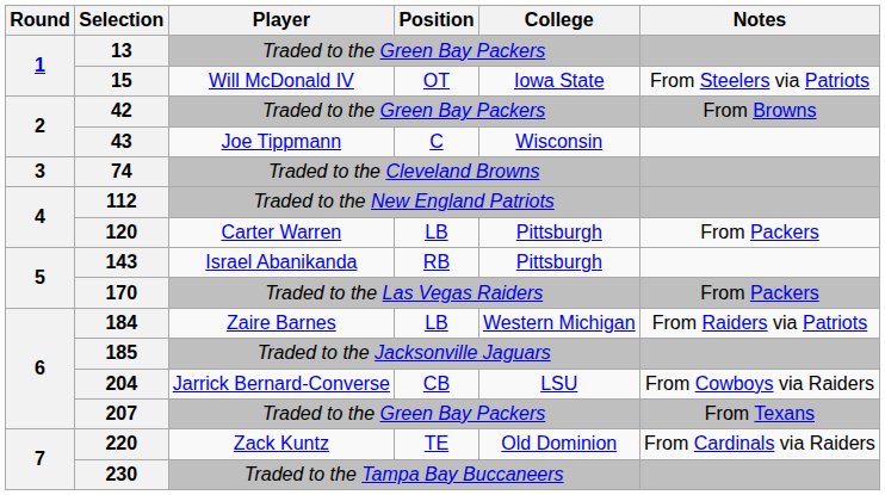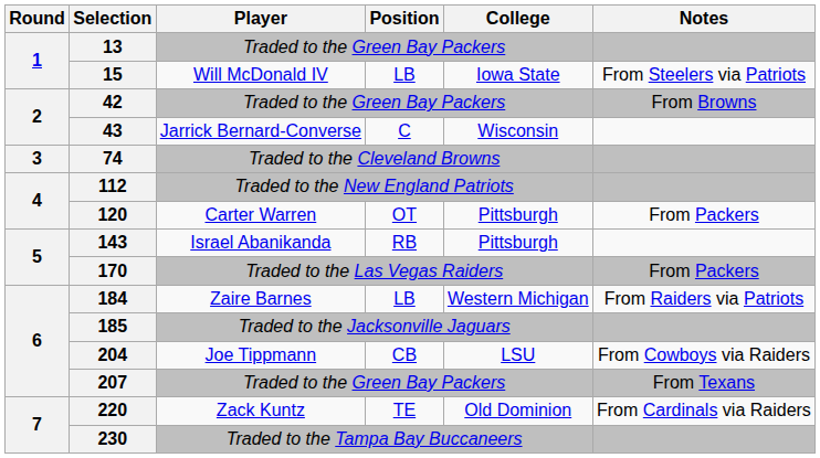 <table class="wikitable" style="text-align:center">
 <tr>
 <th>Round</th>
 <th>Selection</th>
 <th>Player</th>
 <th>Position</th>
 <th>College</th>
 <th>Notes</th>
 </tr>
 <tr>
 <th rowspan="2"><a href='#'>1</a></th>
 <th>13</th>
 <td colspan="3" style="background:#BFBFBF"><em>Traded to the <a href='#'>Green Bay Packers</a></em></td>
 <td style="background:#BFBFBF"></td>
 </tr>
 <tr>
 <th>15</th>
 <td><a href='#'>Will McDonald IV</a></td>
-<td><a href='#'>OT</a></td>
+<td><a href='#'>LB</a></td>
 <td><a href='#'>Iowa State</a></td>
 <td>From <a href='#'>Steelers</a> via <a href='#'>Patriots</a></td>
 </tr>
 <tr>
 <th rowspan="2">2</th>
 <th>42</th>
 <td colspan="3" style="background:#BFBFBF"><em>Traded to the <a href='#'>Green Bay Packers</a></em></td>
 <td style="background:#BFBFBF">From <a href='#'>Browns</a></td>
 </tr>
 <tr>
 <th>43</th>
-<td><a href='#'>Joe Tippmann</a></td>
+<td><a href='#'>Jarrick Bernard-Converse</a></td>
 <td><a href='#'>C</a></td>
 <td><a href='#'>Wisconsin</a></td>
 <td></td>
 </tr>
 <tr>
 <th>3</th>
 <th>74</th>
 <td colspan="3" style="background:#BFBFBF"><em>Traded to the <a href='#'>Cleveland Browns</a></em></td>
 <td style="background:#BFBFBF"></td>
 </tr>
 <tr>
 <th rowspan="2">4</th>
 <th>112</th>
 <td colspan="3" style="background:#BFBFBF"><em>Traded to the <a href='#'>New England Patriots</a></em></td>
 <td style="background:#BFBFBF"></td>
 </tr>
 <tr>
 <th>120</th>
 <td><a href='#'>Carter Warren</a></td>
-<td><a href='#'>LB</a></td>
+<td><a href='#'>OT</a></td>
 <td><a href='#'>Pittsburgh</a></td>
 <td>From <a href='#'>Packers</a></td>
 </tr>
 <tr>
 <th rowspan="2">5</th>
 <th>143</th>
 <td><a href='#'>Israel Abanikanda</a></td>
 <td><a href='#'>RB</a></td>
 <td><a href='#'>Pittsburgh</a></td>
 <td></td>
 </tr>
 <tr>
 <th>170</th>
 <td colspan="3" style="background:#BFBFBF"><em>Traded to the <a href='#'>Las Vegas Raiders</a></em></td>
 <td style="background:#BFBFBF">From <a href='#'>Packers</a></td>
 </tr>
 <tr>
 <th rowspan="4">6</th>
 <th>184</th>
 <td><a href='#'>Zaire Barnes</a></td>
 <td><a href='#'>LB</a></td>
 <td><a href='#'>Western Michigan</a></td>
 <td>From <a href='#'>Raiders</a> via <a href='#'>Patriots</a></td>
 </tr>
 <tr>
 <th>185</th>
 <td colspan="3" style="background:#BFBFBF"><em>Traded to the <a href='#'>Jacksonville Jaguars</a></em></td>
 <td style="background:#BFBFBF"></td>
 </tr>
 <tr>
 <th>204</th>
-<td><a href='#'>Jarrick Bernard-Converse</a></td>
+<td><a href='#'>Joe Tippmann</a></td>
 <td><a href='#'>CB</a></td>
 <td><a href='#'>LSU</a></td>
 <td>From <a href='#'>Cowboys</a> via Raiders</td>
 </tr>
 <tr>
 <th>207</th>
 <td colspan="3" style="background:#BFBFBF"><em>Traded to the <a href='#'>Green Bay Packers</a></em></td>
 <td style="background:#BFBFBF">From <a href='#'>Texans</a></td>
 </tr>
 <tr>
 <th rowspan="2">7</th>
 <th>220</th>
 <td><a href='#'>Zack Kuntz</a></td>
 <td><a href='#'>TE</a></td>
 <td><a href='#'>Old Dominion</a></td>
 <td>From <a href='#'>Cardinals</a> via Raiders</td>
 </tr>
 <tr>
 <th>230</th>
 <td colspan="3" style="background:#BFBFBF"><em>Traded to the <a href='#'>Tampa Bay Buccaneers</a></em></td>
 <td style="background:#BFBFBF"></td>
 </tr>
 </table>
